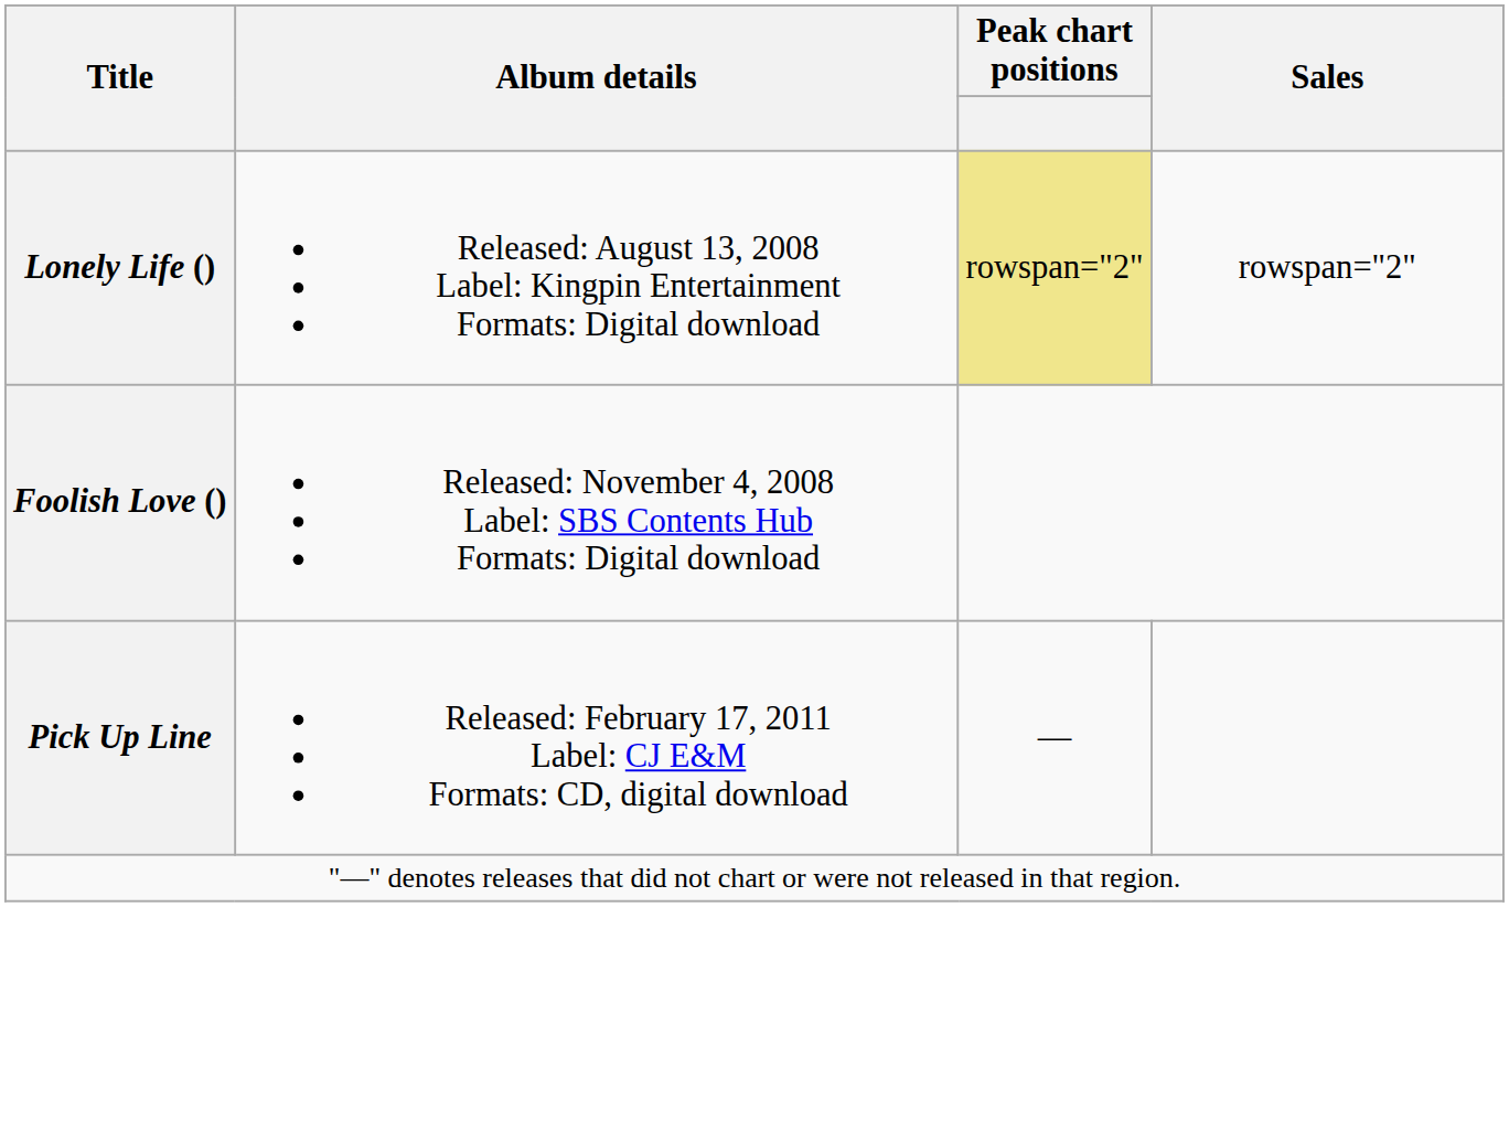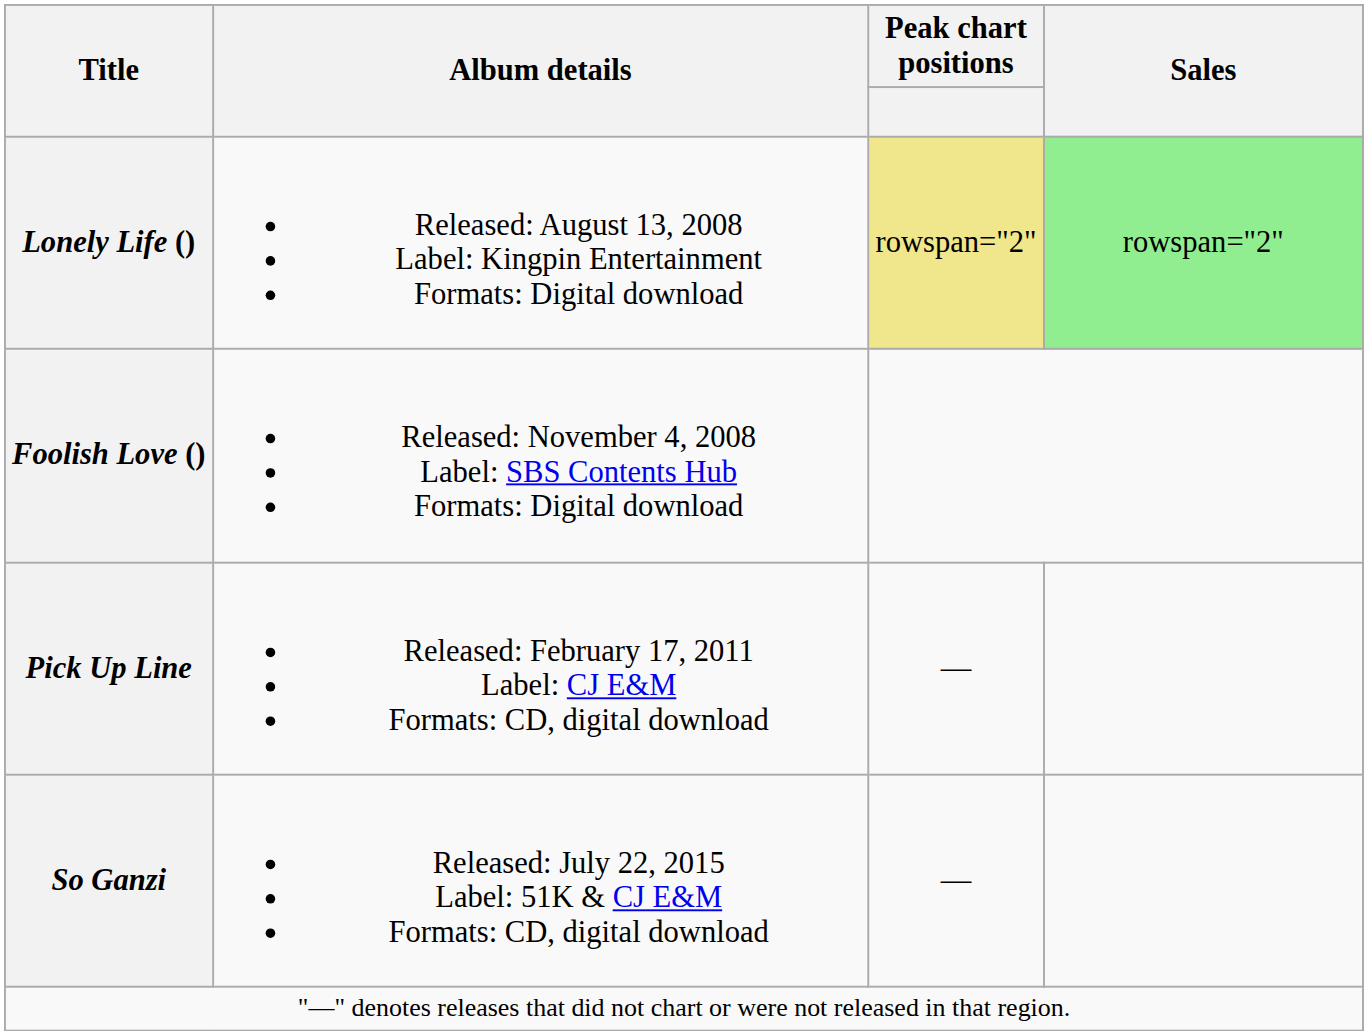 <table class="wikitable plainrowheaders" style="text-align:center;">
 <tr>
 <th rowspan="2">Title</th>
 <th rowspan="2" style="width:21em;">Album details</th>
 <th scope="col" style="width:5em">Peak chart positions</th>
 <th rowspan="2" style="width:10em;">Sales</th>
 </tr>
 <tr>
 <th><br></th>
 </tr>
 <tr>
 <th scope="row"><em>Lonely Life</em> ()</th>
 <td><br><ul><li>Released: August 13, 2008</li><li>Label: Kingpin Entertainment</li><li>Formats: Digital download</li></ul></td>
 <td style="background: khaki;">rowspan="2" </td>
-<td>rowspan="2" </td>
+<td style="background: lightgreen;">rowspan="2" </td>
 </tr>
 <tr>
 <th scope="row"><em>Foolish Love</em> ()</th>
 <td><br><ul><li>Released: November 4, 2008</li><li>Label: <a href='#'>SBS Contents Hub</a></li><li>Formats: Digital download</li></ul></td>
 </tr>
 <tr>
 <th scope="row"><em>Pick Up Line</em></th>
 <td><br><ul><li>Released: February 17, 2011</li><li>Label: <a href='#'>CJ E&M</a></li><li>Formats: CD, digital download</li></ul></td>
 <td>—</td>
 <td></td>
 </tr>
 <tr>
+<th scope="row"><em>So Ganzi</em></th>
+<td><br><ul><li>Released: July 22, 2015</li><li>Label: 51K & <a href='#'>CJ E&M</a></li><li>Formats: CD, digital download</li></ul></td>
+<td>—</td>
+<td></td>
+</tr>
+<tr>
 <td colspan="4" style="font-size:85%;">"—" denotes releases that did not chart or were not released in that region.</td>
 </tr>
 </table>
